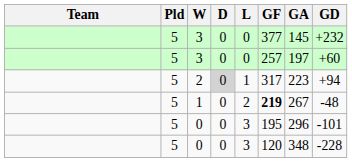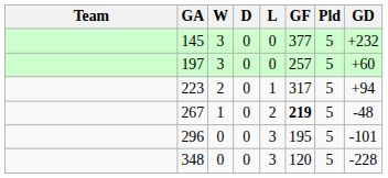 <table class=wikitable style="text-align:center">
 <tr>
 <th width=175>Team</th>
-<th width=20>Pld</th>
+<th width=20>GA</th>
 <th width=20>W</th>
 <th width=20>D</th>
 <th width=20>L</th>
 <th width=20>GF</th>
-<th width=20>GA</th>
+<th width=20>Pld</th>
 <th width=20>GD</th>
 </tr>
 <tr bgcolor="#ccffcc">
 <td align=left></td>
-<td>5</td>
+<td>145</td>
 <td>3</td>
 <td>0</td>
 <td>0</td>
 <td>377</td>
-<td>145</td>
+<td>5</td>
 <td>+232</td>
 </tr>
 <tr bgcolor="#ccffcc">
 <td align=left></td>
-<td>5</td>
+<td>197</td>
 <td>3</td>
 <td>0</td>
 <td>0</td>
 <td>257</td>
-<td>197</td>
+<td>5</td>
 <td>+60</td>
 </tr>
 <tr>
 <td align=left></td>
-<td>5</td>
+<td>223</td>
 <td>2</td>
-<td style="background: lightgrey;">0</td>
+<td>0</td>
 <td>1</td>
 <td>317</td>
-<td>223</td>
+<td>5</td>
 <td>+94</td>
 </tr>
 <tr>
 <td align=left></td>
-<td>5</td>
+<td>267</td>
 <td>1</td>
 <td>0</td>
 <td>2</td>
 <td><strong>219</strong></td>
-<td>267</td>
+<td>5</td>
 <td>-48</td>
 </tr>
 <tr>
 <td align=left></td>
-<td>5</td>
+<td>296</td>
 <td>0</td>
 <td>0</td>
 <td>3</td>
 <td>195</td>
-<td>296</td>
+<td>5</td>
 <td>-101</td>
 </tr>
 <tr>
 <td align=left></td>
-<td>5</td>
+<td>348</td>
 <td>0</td>
 <td>0</td>
 <td>3</td>
 <td>120</td>
-<td>348</td>
+<td>5</td>
 <td>-228</td>
 </tr>
 </table>
